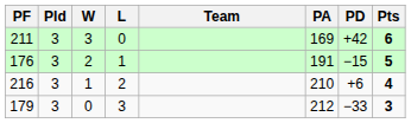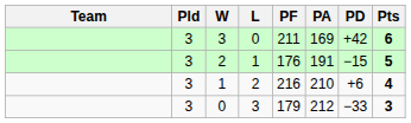 <table class=wikitable style="text-align:center">
 <tr>
-<th width=30>PF</th>
+<th width=180>Team</th>
 <th width=30>Pld</th>
 <th width=30>W</th>
 <th width=30>L</th>
-<th width=180>Team</th>
+<th width=30>PF</th>
 <th width=30>PA</th>
 <th width=30>PD</th>
 <th width=30>Pts</th>
 </tr>
 <tr bgcolor="#ccffcc">
-<td>211</td>
+<td align="left"></td>
 <td>3</td>
 <td>3</td>
 <td>0</td>
-<td align="left"></td>
+<td>211</td>
 <td>169</td>
 <td>+42</td>
 <td><strong>6</strong></td>
 </tr>
 <tr bgcolor="#ccffcc">
-<td>176</td>
+<td align="left"></td>
 <td>3</td>
 <td>2</td>
 <td>1</td>
-<td align="left"></td>
+<td>176</td>
 <td>191</td>
 <td>−15</td>
 <td><strong>5</strong></td>
 </tr>
 <tr>
-<td>216</td>
+<td align="left"></td>
 <td>3</td>
 <td>1</td>
 <td>2</td>
-<td align="left"></td>
+<td>216</td>
 <td>210</td>
 <td>+6</td>
 <td><strong>4</strong></td>
 </tr>
 <tr>
-<td>179</td>
+<td align="left"></td>
 <td>3</td>
 <td>0</td>
 <td>3</td>
-<td align="left"></td>
+<td>179</td>
 <td>212</td>
 <td>−33</td>
 <td><strong>3</strong></td>
 </tr>
 </table>
